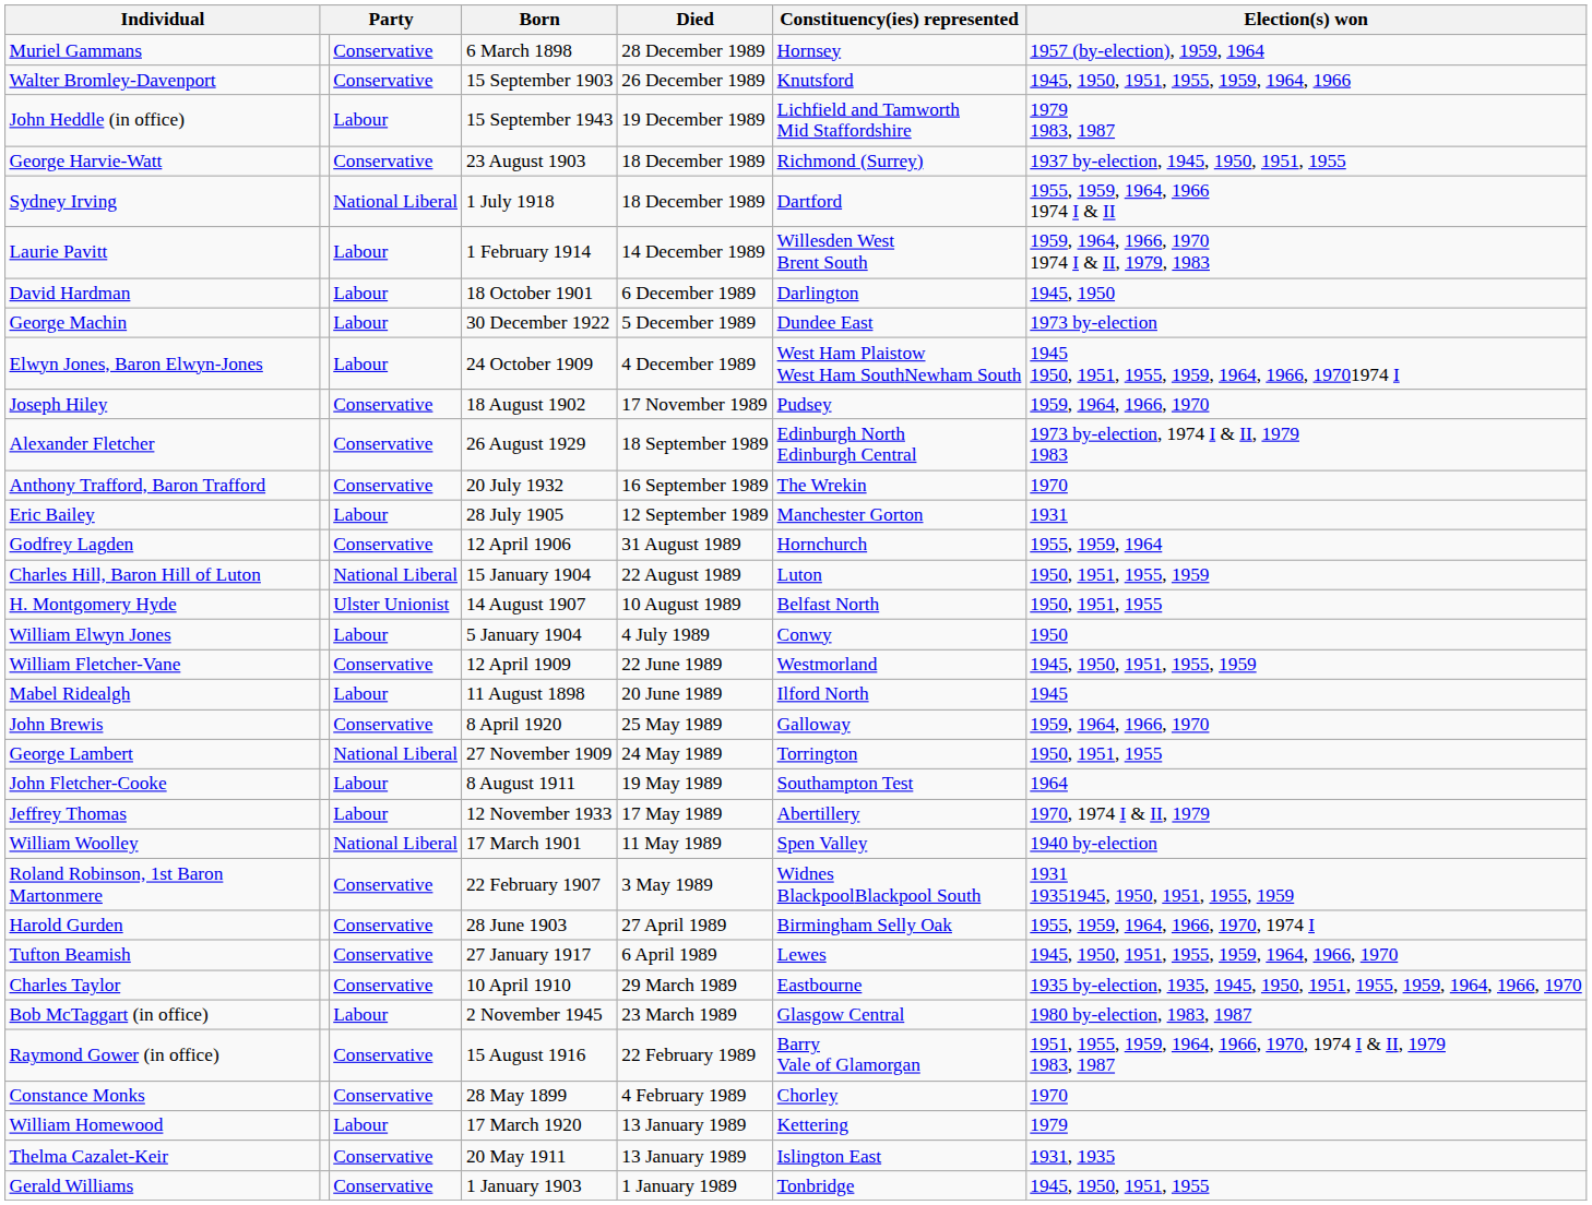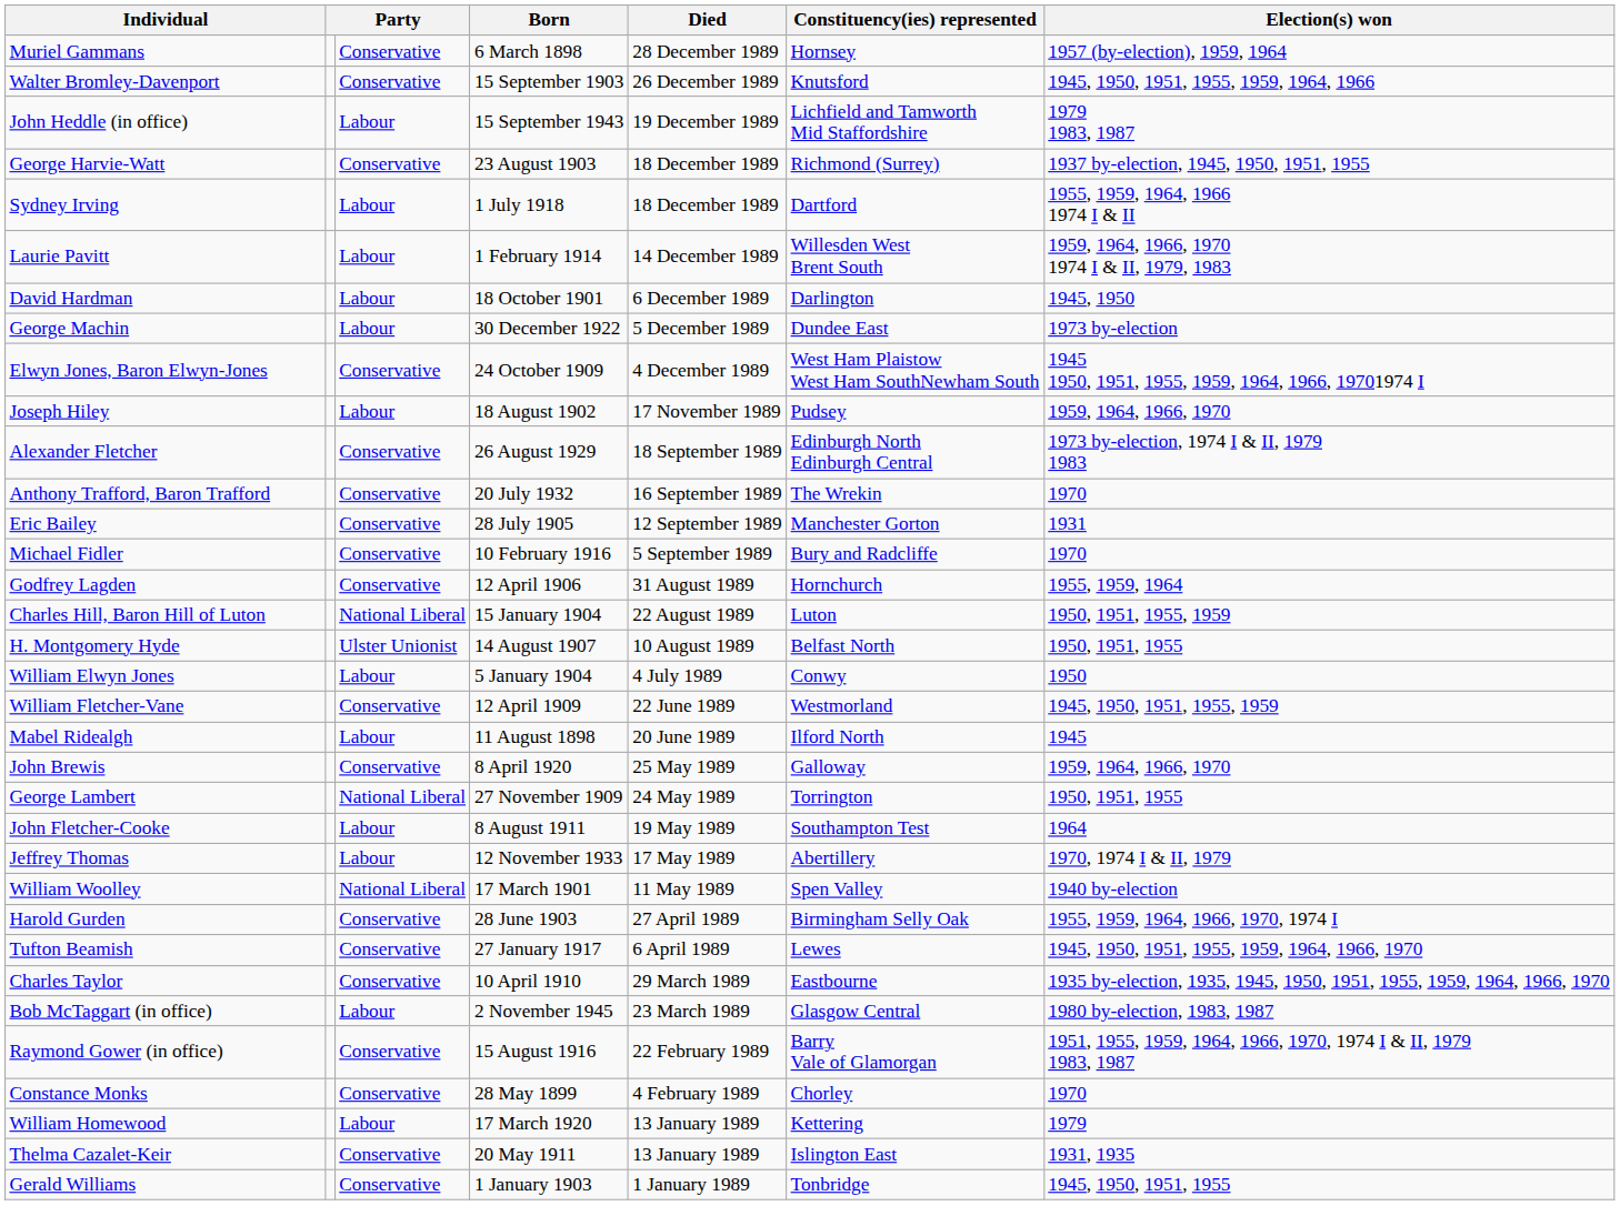 <table class="wikitable sortable">
 <tr>
 <th width="260px">Individual</th>
 <th colspan="2">Party</th>
 <th>Born</th>
 <th>Died</th>
 <th>Constituency(ies) represented</th>
 <th>Election(s) won</th>
 </tr>
 <tr>
 <td><a href='#'>Muriel Gammans</a></td>
 <td style="background-color: "></td>
 <td><a href='#'>Conservative</a></td>
 <td>6 March 1898</td>
 <td>28 December 1989</td>
 <td><a href='#'>Hornsey</a></td>
 <td><a href='#'>1957 (by-election)</a>, <a href='#'>1959</a>, <a href='#'>1964</a></td>
 </tr>
 <tr>
 <td><a href='#'>Walter Bromley-Davenport</a></td>
 <td style="background-color: "></td>
 <td><a href='#'>Conservative</a></td>
 <td>15 September 1903</td>
 <td>26 December 1989</td>
 <td><a href='#'>Knutsford</a></td>
 <td><a href='#'>1945</a>, <a href='#'>1950</a>, <a href='#'>1951</a>, <a href='#'>1955</a>, <a href='#'>1959</a>, <a href='#'>1964</a>, <a href='#'>1966</a></td>
 </tr>
 <tr>
 <td><a href='#'>John Heddle</a> (in office)</td>
 <td style="background-color: "></td>
 <td><a href='#'>Labour</a></td>
 <td>15 September 1943</td>
 <td>19 December 1989</td>
 <td><a href='#'>Lichfield and Tamworth</a><br><a href='#'>Mid Staffordshire</a></td>
 <td><a href='#'>1979</a><br><a href='#'>1983</a>, <a href='#'>1987</a></td>
 </tr>
 <tr>
 <td><a href='#'>George Harvie-Watt</a></td>
 <td style="background-color: "></td>
 <td><a href='#'>Conservative</a></td>
 <td>23 August 1903</td>
 <td>18 December 1989</td>
 <td><a href='#'>Richmond (Surrey)</a></td>
 <td><a href='#'>1937 by-election</a>, <a href='#'>1945</a>, <a href='#'>1950</a>, <a href='#'>1951</a>, <a href='#'>1955</a></td>
 </tr>
 <tr>
 <td><a href='#'>Sydney Irving</a></td>
 <td style="background-color: "></td>
-<td><a href='#'>National Liberal</a></td>
+<td><a href='#'>Labour</a></td>
 <td>1 July 1918</td>
 <td>18 December 1989</td>
 <td><a href='#'>Dartford</a></td>
 <td><a href='#'>1955</a>, <a href='#'>1959</a>, <a href='#'>1964</a>, <a href='#'>1966</a><br>1974 <a href='#'>I</a> & <a href='#'>II</a></td>
 </tr>
 <tr>
 <td><a href='#'>Laurie Pavitt</a></td>
 <td style="background-color: "></td>
 <td><a href='#'>Labour</a></td>
 <td>1 February 1914</td>
 <td>14 December 1989</td>
 <td><a href='#'>Willesden West</a><br><a href='#'>Brent South</a></td>
 <td><a href='#'>1959</a>, <a href='#'>1964</a>, <a href='#'>1966</a>, <a href='#'>1970</a><br>1974 <a href='#'>I</a> & <a href='#'>II</a>, <a href='#'>1979</a>, <a href='#'>1983</a></td>
 </tr>
 <tr>
 <td><a href='#'>David Hardman</a></td>
 <td style="background-color: "></td>
 <td><a href='#'>Labour</a></td>
 <td>18 October 1901</td>
 <td>6 December 1989</td>
 <td><a href='#'>Darlington</a></td>
 <td><a href='#'>1945</a>, <a href='#'>1950</a></td>
 </tr>
 <tr>
 <td><a href='#'>George Machin</a></td>
 <td style="background-color: "></td>
 <td><a href='#'>Labour</a></td>
 <td>30 December 1922</td>
 <td>5 December 1989</td>
 <td><a href='#'>Dundee East</a></td>
 <td><a href='#'>1973 by-election</a></td>
 </tr>
 <tr>
 <td><a href='#'>Elwyn Jones, Baron Elwyn-Jones</a></td>
 <td style="background-color: "></td>
-<td><a href='#'>Labour</a></td>
+<td><a href='#'>Conservative</a></td>
 <td>24 October 1909</td>
 <td>4 December 1989</td>
 <td><a href='#'>West Ham Plaistow</a><br><a href='#'>West Ham South</a><a href='#'>Newham South</a></td>
 <td><a href='#'>1945</a><br><a href='#'>1950</a>, <a href='#'>1951</a>, <a href='#'>1955</a>, <a href='#'>1959</a>, <a href='#'>1964</a>, <a href='#'>1966</a>, <a href='#'>1970</a>1974 <a href='#'>I</a></td>
 </tr>
 <tr>
 <td><a href='#'>Joseph Hiley</a></td>
 <td style="background-color: "></td>
-<td><a href='#'>Conservative</a></td>
+<td><a href='#'>Labour</a></td>
 <td>18 August 1902</td>
 <td>17 November 1989</td>
 <td><a href='#'>Pudsey</a></td>
 <td><a href='#'>1959</a>, <a href='#'>1964</a>, <a href='#'>1966</a>, <a href='#'>1970</a></td>
 </tr>
 <tr>
 <td><a href='#'>Alexander Fletcher</a></td>
 <td style="background-color: "></td>
 <td><a href='#'>Conservative</a></td>
 <td>26 August 1929</td>
 <td>18 September 1989</td>
 <td><a href='#'>Edinburgh North</a><br><a href='#'>Edinburgh Central</a></td>
 <td><a href='#'>1973 by-election</a>, 1974 <a href='#'>I</a> & <a href='#'>II</a>, <a href='#'>1979</a><br><a href='#'>1983</a></td>
 </tr>
 <tr>
 <td><a href='#'>Anthony Trafford, Baron Trafford</a></td>
 <td style="background-color: "></td>
 <td><a href='#'>Conservative</a></td>
 <td>20 July 1932</td>
 <td>16 September 1989</td>
 <td><a href='#'>The Wrekin</a></td>
 <td><a href='#'>1970</a></td>
 </tr>
 <tr>
 <td><a href='#'>Eric Bailey</a></td>
 <td style="background-color: "></td>
-<td><a href='#'>Labour</a></td>
+<td><a href='#'>Conservative</a></td>
 <td>28 July 1905</td>
 <td>12 September 1989</td>
 <td><a href='#'>Manchester Gorton</a></td>
 <td><a href='#'>1931</a></td>
+</tr>
+<tr>
+<td><a href='#'>Michael Fidler</a></td>
+<td style="background-color: "></td>
+<td><a href='#'>Conservative</a></td>
+<td>10 February 1916</td>
+<td>5 September 1989</td>
+<td><a href='#'>Bury and Radcliffe</a></td>
+<td><a href='#'>1970</a></td>
 </tr>
 <tr>
 <td><a href='#'>Godfrey Lagden</a></td>
 <td style="background-color: "></td>
 <td><a href='#'>Conservative</a></td>
 <td>12 April 1906</td>
 <td>31 August 1989</td>
 <td><a href='#'>Hornchurch</a></td>
 <td><a href='#'>1955</a>, <a href='#'>1959</a>, <a href='#'>1964</a></td>
 </tr>
 <tr>
 <td><a href='#'>Charles Hill, Baron Hill of Luton</a></td>
 <td style="color:inherit;background-color: "></td>
 <td><a href='#'>National Liberal</a></td>
 <td>15 January 1904</td>
 <td>22 August 1989</td>
 <td><a href='#'>Luton</a></td>
 <td><a href='#'>1950</a>, <a href='#'>1951</a>, <a href='#'>1955</a>, <a href='#'>1959</a></td>
 </tr>
 <tr>
 <td><a href='#'>H. Montgomery Hyde</a></td>
 <td style="color:inherit;background-color: "></td>
 <td><a href='#'>Ulster Unionist</a></td>
 <td>14 August 1907</td>
 <td>10 August 1989</td>
 <td><a href='#'>Belfast North</a></td>
 <td><a href='#'>1950</a>, <a href='#'>1951</a>, <a href='#'>1955</a></td>
 </tr>
 <tr>
 <td><a href='#'>William Elwyn Jones</a></td>
 <td style="background-color: "></td>
 <td><a href='#'>Labour</a></td>
 <td>5 January 1904</td>
 <td>4 July 1989</td>
 <td><a href='#'>Conwy</a></td>
 <td><a href='#'>1950</a></td>
 </tr>
 <tr>
 <td><a href='#'>William Fletcher-Vane</a></td>
 <td style="background-color: "></td>
 <td><a href='#'>Conservative</a></td>
 <td>12 April 1909</td>
 <td>22 June 1989</td>
 <td><a href='#'>Westmorland</a></td>
 <td><a href='#'>1945</a>, <a href='#'>1950</a>, <a href='#'>1951</a>, <a href='#'>1955</a>, <a href='#'>1959</a></td>
 </tr>
 <tr>
 <td><a href='#'>Mabel Ridealgh</a></td>
 <td style="background-color: "></td>
 <td><a href='#'>Labour</a></td>
 <td>11 August 1898</td>
 <td>20 June 1989</td>
 <td><a href='#'>Ilford North</a></td>
 <td><a href='#'>1945</a></td>
 </tr>
 <tr>
 <td><a href='#'>John Brewis</a></td>
 <td style="background-color: "></td>
 <td><a href='#'>Conservative</a></td>
 <td>8 April 1920</td>
 <td>25 May 1989</td>
 <td><a href='#'>Galloway</a></td>
 <td><a href='#'>1959</a>, <a href='#'>1964</a>, <a href='#'>1966</a>, <a href='#'>1970</a></td>
 </tr>
 <tr>
 <td><a href='#'>George Lambert</a></td>
 <td style="color:inherit;background-color: "></td>
 <td><a href='#'>National Liberal</a></td>
 <td>27 November 1909</td>
 <td>24 May 1989</td>
 <td><a href='#'>Torrington</a></td>
 <td><a href='#'>1950</a>, <a href='#'>1951</a>, <a href='#'>1955</a></td>
 </tr>
 <tr>
 <td><a href='#'>John Fletcher-Cooke</a></td>
 <td style="background-color: "></td>
 <td><a href='#'>Labour</a></td>
 <td>8 August 1911</td>
 <td>19 May 1989</td>
 <td><a href='#'>Southampton Test</a></td>
 <td><a href='#'>1964</a></td>
 </tr>
 <tr>
 <td><a href='#'>Jeffrey Thomas</a></td>
 <td style="background-color: "></td>
 <td><a href='#'>Labour</a></td>
 <td>12 November 1933</td>
 <td>17 May 1989</td>
 <td><a href='#'>Abertillery</a></td>
 <td><a href='#'>1970</a>, 1974 <a href='#'>I</a> & <a href='#'>II</a>, <a href='#'>1979</a></td>
 </tr>
 <tr>
 <td><a href='#'>William Woolley</a></td>
 <td style="color:inherit;background-color: "></td>
 <td><a href='#'>National Liberal</a></td>
 <td>17 March 1901</td>
 <td>11 May 1989</td>
 <td><a href='#'>Spen Valley</a></td>
 <td><a href='#'>1940 by-election</a></td>
 </tr>
 <tr>
-<td><a href='#'>Roland Robinson, 1st Baron Martonmere</a></td>
-<td style="background-color: "></td>
-<td><a href='#'>Conservative</a></td>
-<td>22 February 1907</td>
-<td>3 May 1989</td>
-<td><a href='#'>Widnes</a><br><a href='#'>Blackpool</a><a href='#'>Blackpool South</a></td>
-<td><a href='#'>1931</a><br><a href='#'>1935</a><a href='#'>1945</a>, <a href='#'>1950</a>, <a href='#'>1951</a>, <a href='#'>1955</a>, <a href='#'>1959</a></td>
-</tr>
-<tr>
 <td><a href='#'>Harold Gurden</a></td>
 <td style="background-color: "></td>
 <td><a href='#'>Conservative</a></td>
 <td>28 June 1903</td>
 <td>27 April 1989</td>
 <td><a href='#'>Birmingham Selly Oak</a></td>
 <td><a href='#'>1955</a>, <a href='#'>1959</a>, <a href='#'>1964</a>, <a href='#'>1966</a>, <a href='#'>1970</a>, 1974 <a href='#'>I</a></td>
 </tr>
 <tr>
 <td><a href='#'>Tufton Beamish</a></td>
 <td style="background-color: "></td>
 <td><a href='#'>Conservative</a></td>
 <td>27 January 1917</td>
 <td>6 April 1989</td>
 <td><a href='#'>Lewes</a></td>
 <td><a href='#'>1945</a>, <a href='#'>1950</a>, <a href='#'>1951</a>, <a href='#'>1955</a>, <a href='#'>1959</a>, <a href='#'>1964</a>, <a href='#'>1966</a>, <a href='#'>1970</a></td>
 </tr>
 <tr>
 <td><a href='#'>Charles Taylor</a></td>
 <td style="background-color: "></td>
 <td><a href='#'>Conservative</a></td>
 <td>10 April 1910</td>
 <td>29 March 1989</td>
 <td><a href='#'>Eastbourne</a></td>
 <td><a href='#'>1935 by-election</a>, <a href='#'>1935</a>, <a href='#'>1945</a>, <a href='#'>1950</a>, <a href='#'>1951</a>, <a href='#'>1955</a>, <a href='#'>1959</a>, <a href='#'>1964</a>, <a href='#'>1966</a>, <a href='#'>1970</a></td>
 </tr>
 <tr>
 <td><a href='#'>Bob McTaggart</a> (in office)</td>
 <td style="background-color: "></td>
 <td><a href='#'>Labour</a></td>
 <td>2 November 1945</td>
 <td>23 March 1989</td>
 <td><a href='#'>Glasgow Central</a></td>
 <td><a href='#'>1980 by-election</a>, <a href='#'>1983</a>, <a href='#'>1987</a></td>
 </tr>
 <tr>
 <td><a href='#'>Raymond Gower</a> (in office)</td>
 <td style="background-color: "></td>
 <td><a href='#'>Conservative</a></td>
 <td>15 August 1916</td>
 <td>22 February 1989</td>
 <td><a href='#'>Barry</a><br><a href='#'>Vale of Glamorgan</a></td>
 <td><a href='#'>1951</a>, <a href='#'>1955</a>, <a href='#'>1959</a>, <a href='#'>1964</a>, <a href='#'>1966</a>, <a href='#'>1970</a>, 1974 <a href='#'>I</a> & <a href='#'>II</a>, <a href='#'>1979</a><br><a href='#'>1983</a>, <a href='#'>1987</a></td>
 </tr>
 <tr>
 <td><a href='#'>Constance Monks</a></td>
 <td style="background-color: "></td>
 <td><a href='#'>Conservative</a></td>
 <td>28 May 1899</td>
 <td>4 February 1989</td>
 <td><a href='#'>Chorley</a></td>
 <td><a href='#'>1970</a></td>
 </tr>
 <tr>
 <td><a href='#'>William Homewood</a></td>
 <td style="background-color: "></td>
 <td><a href='#'>Labour</a></td>
 <td>17 March 1920</td>
 <td>13 January 1989</td>
 <td><a href='#'>Kettering</a></td>
 <td><a href='#'>1979</a></td>
 </tr>
 <tr>
 <td><a href='#'>Thelma Cazalet-Keir</a></td>
 <td style="background-color: "></td>
 <td><a href='#'>Conservative</a></td>
 <td>20 May 1911</td>
 <td>13 January 1989</td>
 <td><a href='#'>Islington East</a></td>
 <td><a href='#'>1931</a>, <a href='#'>1935</a></td>
 </tr>
 <tr>
 <td><a href='#'>Gerald Williams</a></td>
 <td style="background-color: "></td>
 <td><a href='#'>Conservative</a></td>
 <td>1 January 1903</td>
 <td>1 January 1989</td>
 <td><a href='#'>Tonbridge</a></td>
 <td><a href='#'>1945</a>, <a href='#'>1950</a>, <a href='#'>1951</a>, <a href='#'>1955</a></td>
 </tr>
 </table>
